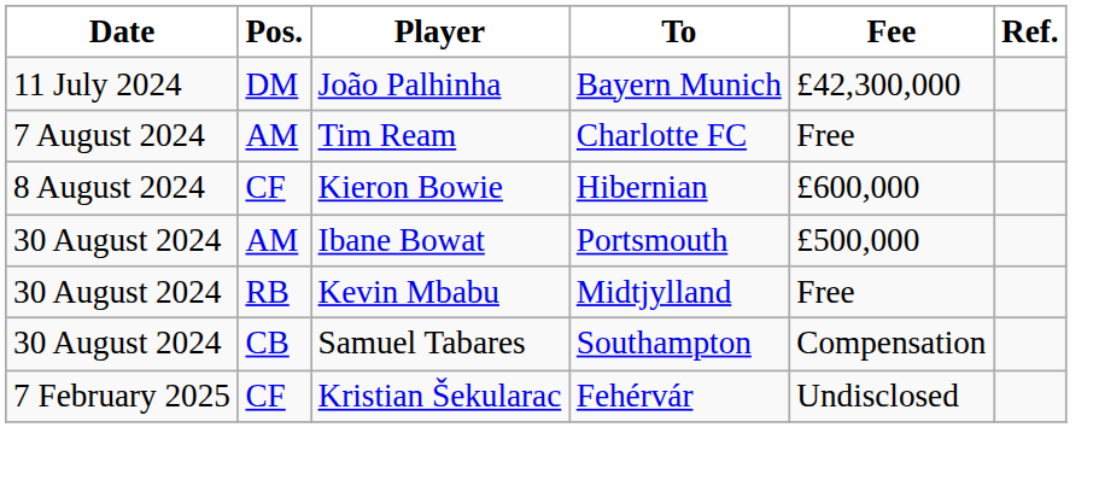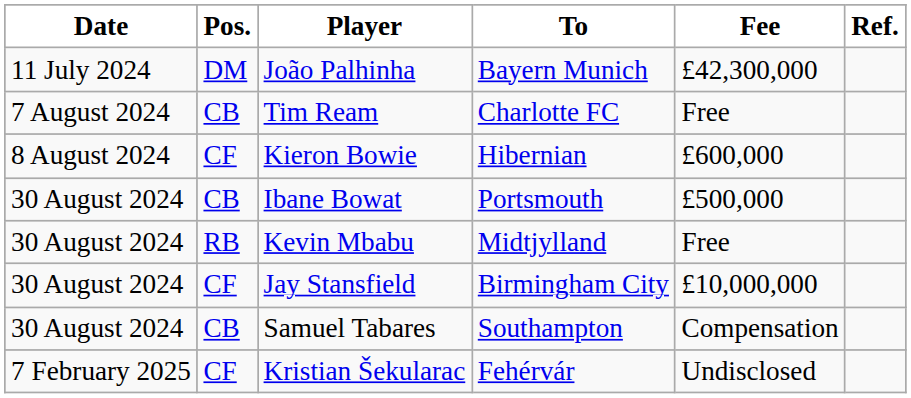 <table class="wikitable plainrowheaders sortable">
 <tr>
 <th style="background:white;color:black; ">Date</th>
 <th style="background:white;color:black; ">Pos.</th>
 <th style="background:white;color:black; ">Player</th>
 <th style="background:white;color:black; ">To</th>
 <th style="background:white;color:black; ">Fee</th>
 <th style="background:white;color:black; ">Ref.</th>
 </tr>
 <tr>
 <td>11 July 2024</td>
 <td><a href='#'>DM</a></td>
 <td> <a href='#'>João Palhinha</a></td>
 <td> <a href='#'>Bayern Munich</a></td>
 <td>£42,300,000</td>
 <td></td>
 </tr>
 <tr>
 <td>7 August 2024</td>
-<td><a href='#'>AM</a></td>
+<td><a href='#'>CB</a></td>
 <td> <a href='#'>Tim Ream</a></td>
 <td> <a href='#'>Charlotte FC</a></td>
 <td>Free</td>
 <td></td>
 </tr>
 <tr>
 <td>8 August 2024</td>
 <td><a href='#'>CF</a></td>
 <td> <a href='#'>Kieron Bowie</a></td>
 <td> <a href='#'>Hibernian</a></td>
 <td>£600,000</td>
 <td></td>
 </tr>
 <tr>
 <td>30 August 2024</td>
-<td><a href='#'>AM</a></td>
+<td><a href='#'>CB</a></td>
 <td> <a href='#'>Ibane Bowat</a></td>
 <td> <a href='#'>Portsmouth</a></td>
 <td>£500,000</td>
 <td></td>
 </tr>
 <tr>
 <td>30 August 2024</td>
 <td><a href='#'>RB</a></td>
 <td> <a href='#'>Kevin Mbabu</a></td>
 <td> <a href='#'>Midtjylland</a></td>
 <td>Free</td>
+<td></td>
+</tr>
+<tr>
+<td>30 August 2024</td>
+<td><a href='#'>CF</a></td>
+<td> <a href='#'>Jay Stansfield</a></td>
+<td> <a href='#'>Birmingham City</a></td>
+<td>£10,000,000</td>
 <td></td>
 </tr>
 <tr>
 <td>30 August 2024</td>
 <td><a href='#'>CB</a></td>
 <td> Samuel Tabares</td>
 <td> <a href='#'>Southampton</a></td>
 <td>Compensation</td>
 <td></td>
 </tr>
 <tr>
 <td>7 February 2025</td>
 <td><a href='#'>CF</a></td>
 <td> <a href='#'>Kristian Šekularac</a></td>
 <td> <a href='#'>Fehérvár</a></td>
 <td>Undisclosed</td>
 <td></td>
 </tr>
 </table>
